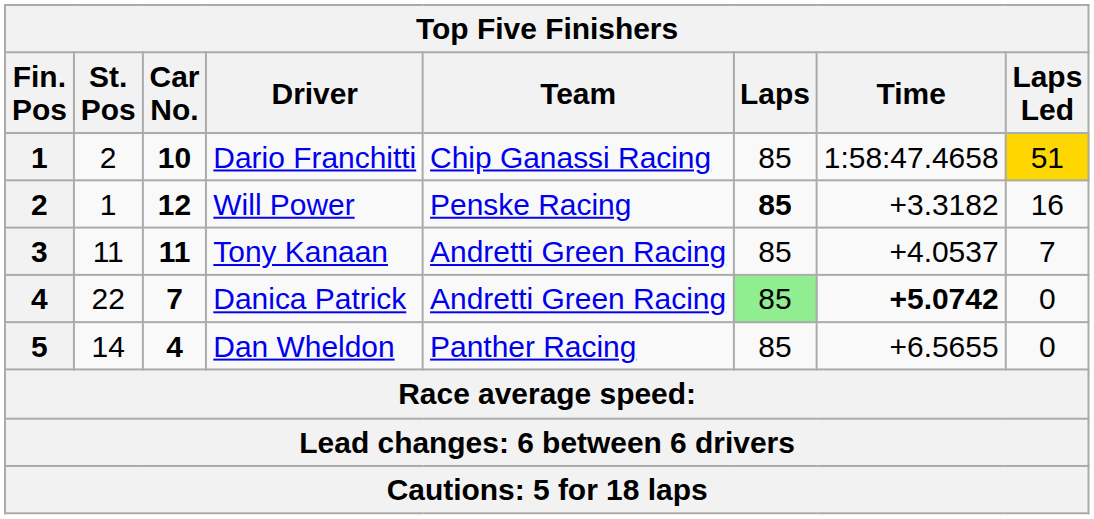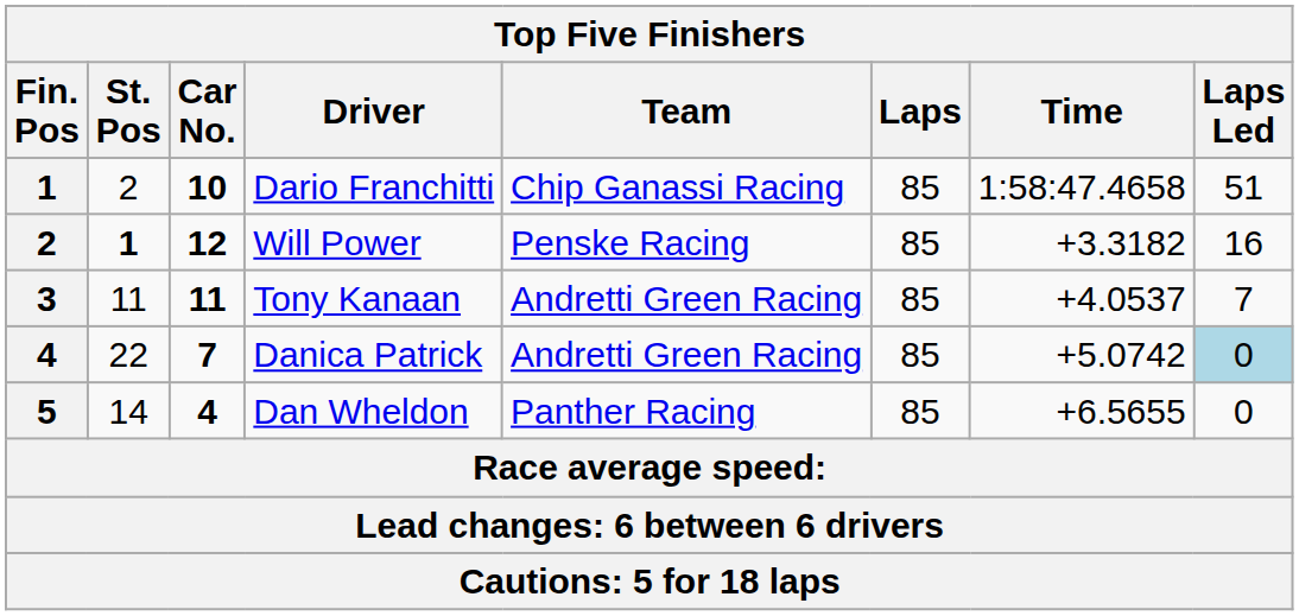 <table class="wikitable" style="font-size:95%;text-align:center">
 <tr>
 <th colspan=9>Top Five Finishers</th>
 </tr>
 <tr>
 <th>Fin.<br>Pos</th>
 <th>St.<br>Pos</th>
 <th>Car<br>No.</th>
 <th>Driver</th>
 <th>Team</th>
 <th>Laps</th>
 <th>Time</th>
 <th>Laps<br>Led</th>
 </tr>
 <tr>
 <th>1</th>
 <td>2</td>
 <td><strong>10</strong></td>
 <td style="text-align:left"> <a href='#'>Dario Franchitti</a></td>
 <td style="text-align:left"><a href='#'>Chip Ganassi Racing</a></td>
 <td>85</td>
 <td align=right>1:58:47.4658</td>
-<td style="background: gold;">51</td>
+<td>51</td>
 </tr>
 <tr>
 <th>2</th>
-<td>1</td>
+<td><strong>1</strong></td>
 <td><strong>12</strong></td>
 <td style="text-align:left"> <a href='#'>Will Power</a></td>
 <td style="text-align:left"><a href='#'>Penske Racing</a></td>
-<td><strong>85</strong></td>
+<td>85</td>
 <td align=right>+3.3182</td>
 <td>16</td>
 </tr>
 <tr>
 <th>3</th>
 <td>11</td>
 <td><strong>11</strong></td>
 <td style="text-align:left"> <a href='#'>Tony Kanaan</a></td>
 <td style="text-align:left"><a href='#'>Andretti Green Racing</a></td>
 <td>85</td>
 <td align=right>+4.0537</td>
 <td>7</td>
 </tr>
 <tr>
 <th>4</th>
 <td>22</td>
 <td><strong>7</strong></td>
 <td style="text-align:left"> <a href='#'>Danica Patrick</a></td>
 <td style="text-align:left"><a href='#'>Andretti Green Racing</a></td>
-<td style="background: lightgreen;">85</td>
-<td align=right><strong>+5.0742</strong></td>
-<td>0</td>
+<td>85</td>
+<td align=right>+5.0742</td>
+<td style="background: lightblue;">0</td>
 </tr>
 <tr>
 <th>5</th>
 <td>14</td>
 <td><strong>4</strong></td>
 <td style="text-align:left"> <a href='#'>Dan Wheldon</a></td>
 <td style="text-align:left"><a href='#'>Panther Racing</a></td>
 <td>85</td>
 <td align=right>+6.5655</td>
 <td>0</td>
 </tr>
 <tr>
 <th colspan=9>Race average speed: </th>
 </tr>
 <tr>
 <th colspan=9>Lead changes: 6 between 6 drivers</th>
 </tr>
 <tr>
 <th colspan=9>Cautions: 5 for 18 laps</th>
 </tr>
 </table>
